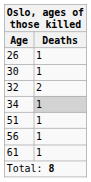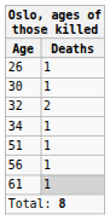 <table class="wikitable" style="float:left; margin:0 1em 0.5em 0;">
 <tr>
 <th colspan="2">Oslo, ages of<br>those killed</th>
 </tr>
 <tr>
 <th>Age</th>
 <th>Deaths</th>
 </tr>
 <tr>
 <td>26</td>
 <td>1</td>
 </tr>
 <tr>
 <td>30</td>
 <td>1</td>
 </tr>
 <tr>
 <td>32</td>
 <td>2</td>
 </tr>
 <tr>
 <td>34</td>
-<td style="background: lightgrey;">1</td>
+<td>1</td>
 </tr>
 <tr>
 <td>51</td>
 <td>1</td>
 </tr>
 <tr>
 <td>56</td>
 <td>1</td>
 </tr>
 <tr>
 <td>61</td>
-<td>1</td>
+<td style="background: lightgrey;">1</td>
 </tr>
 <tr>
 <td colspan="2">Total: <strong>8</strong></td>
 </tr>
 </table>
